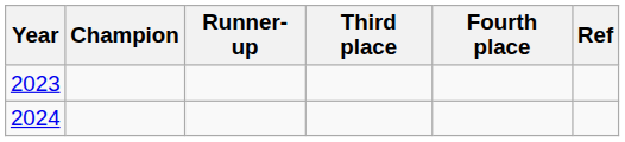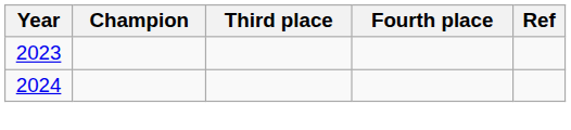 <table class="wikitable sortable" width=50%>
 <tr>
 <th>Year</th>
 <th>Champion</th>
-<th>Runner-up</th>
 <th>Third place</th>
 <th>Fourth place</th>
 <th class="unsortable">Ref</th>
 </tr>
 <tr align=center>
 <td><a href='#'>2023</a></td>
-<td><strong><a href='#'></a></strong></td>
 <td><strong><a href='#'></a></strong></td>
 <td><strong><a href='#'></a></strong></td>
 <td><strong><a href='#'></a></strong></td>
 <td></td>
 </tr>
 <tr align=center>
 <td><a href='#'>2024</a></td>
 <td><strong><a href='#'></a></strong></td>
 <td><strong><a href='#'></a></strong></td>
 <td><strong><a href='#'></a></strong></td>
-<td><strong><a href='#'></a></strong></td>
 <td></td>
 </tr>
 </table>
